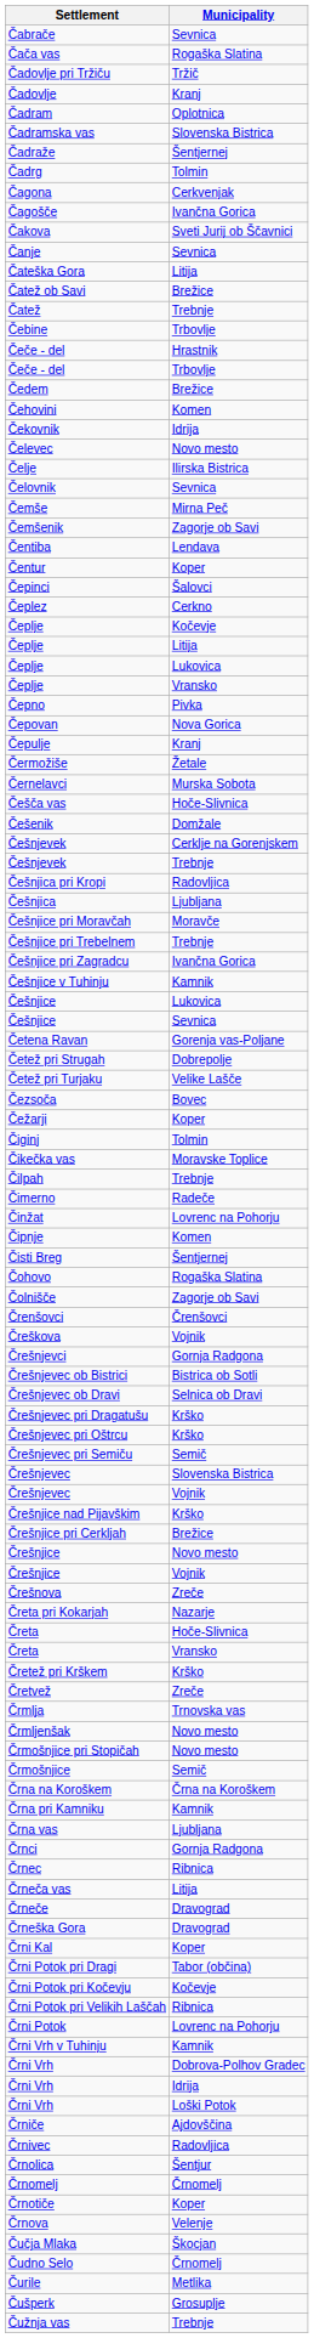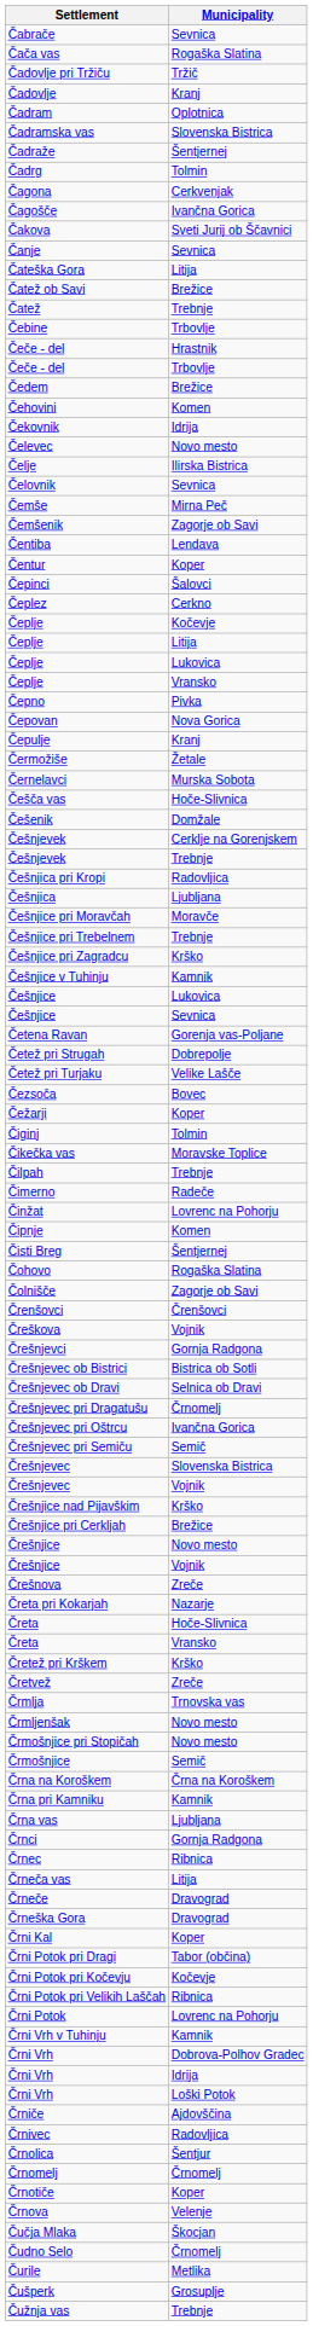 <table class="wikitable sortable">
 <tr>
 <th>Settlement</th>
 <th><a href='#'>Municipality</a></th>
 </tr>
 <tr>
 <td><a href='#'>Čabrače</a></td>
 <td><a href='#'>Sevnica</a></td>
 </tr>
 <tr>
 <td><a href='#'>Čača vas</a></td>
 <td><a href='#'>Rogaška Slatina</a></td>
 </tr>
 <tr>
 <td><a href='#'>Čadovlje pri Tržiču</a></td>
 <td><a href='#'>Tržič</a></td>
 </tr>
 <tr>
 <td><a href='#'>Čadovlje</a></td>
 <td><a href='#'>Kranj</a></td>
 </tr>
 <tr>
 <td><a href='#'>Čadram</a></td>
 <td><a href='#'>Oplotnica</a></td>
 </tr>
 <tr>
 <td><a href='#'>Čadramska vas</a></td>
 <td><a href='#'>Slovenska Bistrica</a></td>
 </tr>
 <tr>
 <td><a href='#'>Čadraže</a></td>
 <td><a href='#'>Šentjernej</a></td>
 </tr>
 <tr>
 <td><a href='#'>Čadrg</a></td>
 <td><a href='#'>Tolmin</a></td>
 </tr>
 <tr>
 <td><a href='#'>Čagona</a></td>
 <td><a href='#'>Cerkvenjak</a></td>
 </tr>
 <tr>
 <td><a href='#'>Čagošče</a></td>
 <td><a href='#'>Ivančna Gorica</a></td>
 </tr>
 <tr>
 <td><a href='#'>Čakova</a></td>
 <td><a href='#'>Sveti Jurij ob Ščavnici</a></td>
 </tr>
 <tr>
 <td><a href='#'>Čanje</a></td>
 <td><a href='#'>Sevnica</a></td>
 </tr>
 <tr>
 <td><a href='#'>Čateška Gora</a></td>
 <td><a href='#'>Litija</a></td>
 </tr>
 <tr>
 <td><a href='#'>Čatež ob Savi</a></td>
 <td><a href='#'>Brežice</a></td>
 </tr>
 <tr>
 <td><a href='#'>Čatež</a></td>
 <td><a href='#'>Trebnje</a></td>
 </tr>
 <tr>
 <td><a href='#'>Čebine</a></td>
 <td><a href='#'>Trbovlje</a></td>
 </tr>
 <tr>
 <td><a href='#'>Čeče - del</a></td>
 <td><a href='#'>Hrastnik</a></td>
 </tr>
 <tr>
 <td><a href='#'>Čeče - del</a></td>
 <td><a href='#'>Trbovlje</a></td>
 </tr>
 <tr>
 <td><a href='#'>Čedem</a></td>
 <td><a href='#'>Brežice</a></td>
 </tr>
 <tr>
 <td><a href='#'>Čehovini</a></td>
 <td><a href='#'>Komen</a></td>
 </tr>
 <tr>
 <td><a href='#'>Čekovnik</a></td>
 <td><a href='#'>Idrija</a></td>
 </tr>
 <tr>
 <td><a href='#'>Čelevec</a></td>
 <td><a href='#'>Novo mesto</a></td>
 </tr>
 <tr>
 <td><a href='#'>Čelje</a></td>
 <td><a href='#'>Ilirska Bistrica</a></td>
 </tr>
 <tr>
 <td><a href='#'>Čelovnik</a></td>
 <td><a href='#'>Sevnica</a></td>
 </tr>
 <tr>
 <td><a href='#'>Čemše</a></td>
 <td><a href='#'>Mirna Peč</a></td>
 </tr>
 <tr>
 <td><a href='#'>Čemšenik</a></td>
 <td><a href='#'>Zagorje ob Savi</a></td>
 </tr>
 <tr>
 <td><a href='#'>Čentiba</a></td>
 <td><a href='#'>Lendava</a></td>
 </tr>
 <tr>
 <td><a href='#'>Čentur</a></td>
 <td><a href='#'>Koper</a></td>
 </tr>
 <tr>
 <td><a href='#'>Čepinci</a></td>
 <td><a href='#'>Šalovci</a></td>
 </tr>
 <tr>
 <td><a href='#'>Čeplez</a></td>
 <td><a href='#'>Cerkno</a></td>
 </tr>
 <tr>
 <td><a href='#'>Čeplje</a></td>
 <td><a href='#'>Kočevje</a></td>
 </tr>
 <tr>
 <td><a href='#'>Čeplje</a></td>
 <td><a href='#'>Litija</a></td>
 </tr>
 <tr>
 <td><a href='#'>Čeplje</a></td>
 <td><a href='#'>Lukovica</a></td>
 </tr>
 <tr>
 <td><a href='#'>Čeplje</a></td>
 <td><a href='#'>Vransko</a></td>
 </tr>
 <tr>
 <td><a href='#'>Čepno</a></td>
 <td><a href='#'>Pivka</a></td>
 </tr>
 <tr>
 <td><a href='#'>Čepovan</a></td>
 <td><a href='#'>Nova Gorica</a></td>
 </tr>
 <tr>
 <td><a href='#'>Čepulje</a></td>
 <td><a href='#'>Kranj</a></td>
 </tr>
 <tr>
 <td><a href='#'>Čermožiše</a></td>
 <td><a href='#'>Žetale</a></td>
 </tr>
 <tr>
 <td><a href='#'>Černelavci</a></td>
 <td><a href='#'>Murska Sobota</a></td>
 </tr>
 <tr>
 <td><a href='#'>Češča vas</a></td>
 <td><a href='#'>Hoče-Slivnica</a></td>
 </tr>
 <tr>
 <td><a href='#'>Češenik</a></td>
 <td><a href='#'>Domžale</a></td>
 </tr>
 <tr>
 <td><a href='#'>Češnjevek</a></td>
 <td><a href='#'>Cerklje na Gorenjskem</a></td>
 </tr>
 <tr>
 <td><a href='#'>Češnjevek</a></td>
 <td><a href='#'>Trebnje</a></td>
 </tr>
 <tr>
 <td><a href='#'>Češnjica pri Kropi</a></td>
 <td><a href='#'>Radovljica</a></td>
 </tr>
 <tr>
 <td><a href='#'>Češnjica</a></td>
 <td><a href='#'>Ljubljana</a></td>
 </tr>
 <tr>
 <td><a href='#'>Češnjice pri Moravčah</a></td>
 <td><a href='#'>Moravče</a></td>
 </tr>
 <tr>
 <td><a href='#'>Češnjice pri Trebelnem</a></td>
 <td><a href='#'>Trebnje</a></td>
 </tr>
 <tr>
 <td><a href='#'>Češnjice pri Zagradcu</a></td>
-<td><a href='#'>Ivančna Gorica</a></td>
+<td><a href='#'>Krško</a></td>
 </tr>
 <tr>
 <td><a href='#'>Češnjice v Tuhinju</a></td>
 <td><a href='#'>Kamnik</a></td>
 </tr>
 <tr>
 <td><a href='#'>Češnjice</a></td>
 <td><a href='#'>Lukovica</a></td>
 </tr>
 <tr>
 <td><a href='#'>Češnjice</a></td>
 <td><a href='#'>Sevnica</a></td>
 </tr>
 <tr>
 <td><a href='#'>Četena Ravan</a></td>
 <td><a href='#'>Gorenja vas-Poljane</a></td>
 </tr>
 <tr>
 <td><a href='#'>Četež pri Strugah</a></td>
 <td><a href='#'>Dobrepolje</a></td>
 </tr>
 <tr>
 <td><a href='#'>Četež pri Turjaku</a></td>
 <td><a href='#'>Velike Lašče</a></td>
 </tr>
 <tr>
 <td><a href='#'>Čezsoča</a></td>
 <td><a href='#'>Bovec</a></td>
 </tr>
 <tr>
 <td><a href='#'>Čežarji</a></td>
 <td><a href='#'>Koper</a></td>
 </tr>
 <tr>
 <td><a href='#'>Čiginj</a></td>
 <td><a href='#'>Tolmin</a></td>
 </tr>
 <tr>
 <td><a href='#'>Čikečka vas</a></td>
 <td><a href='#'>Moravske Toplice</a></td>
 </tr>
 <tr>
 <td><a href='#'>Čilpah</a></td>
 <td><a href='#'>Trebnje</a></td>
 </tr>
 <tr>
 <td><a href='#'>Čimerno</a></td>
 <td><a href='#'>Radeče</a></td>
 </tr>
 <tr>
 <td><a href='#'>Činžat</a></td>
 <td><a href='#'>Lovrenc na Pohorju</a></td>
 </tr>
 <tr>
 <td><a href='#'>Čipnje</a></td>
 <td><a href='#'>Komen</a></td>
 </tr>
 <tr>
 <td><a href='#'>Čisti Breg</a></td>
 <td><a href='#'>Šentjernej</a></td>
 </tr>
 <tr>
 <td><a href='#'>Čohovo</a></td>
 <td><a href='#'>Rogaška Slatina</a></td>
 </tr>
 <tr>
 <td><a href='#'>Čolnišče</a></td>
 <td><a href='#'>Zagorje ob Savi</a></td>
 </tr>
 <tr>
 <td><a href='#'>Črenšovci</a></td>
 <td><a href='#'>Črenšovci</a></td>
 </tr>
 <tr>
 <td><a href='#'>Čreškova</a></td>
 <td><a href='#'>Vojnik</a></td>
 </tr>
 <tr>
 <td><a href='#'>Črešnjevci</a></td>
 <td><a href='#'>Gornja Radgona</a></td>
 </tr>
 <tr>
 <td><a href='#'>Črešnjevec ob Bistrici</a></td>
 <td><a href='#'>Bistrica ob Sotli</a></td>
 </tr>
 <tr>
 <td><a href='#'>Črešnjevec ob Dravi</a></td>
 <td><a href='#'>Selnica ob Dravi</a></td>
 </tr>
 <tr>
 <td><a href='#'>Črešnjevec pri Dragatušu</a></td>
-<td><a href='#'>Krško</a></td>
+<td><a href='#'>Črnomelj</a></td>
 </tr>
 <tr>
 <td><a href='#'>Črešnjevec pri Oštrcu</a></td>
-<td><a href='#'>Krško</a></td>
+<td><a href='#'>Ivančna Gorica</a></td>
 </tr>
 <tr>
 <td><a href='#'>Črešnjevec pri Semiču</a></td>
 <td><a href='#'>Semič</a></td>
 </tr>
 <tr>
 <td><a href='#'>Črešnjevec</a></td>
 <td><a href='#'>Slovenska Bistrica</a></td>
 </tr>
 <tr>
 <td><a href='#'>Črešnjevec</a></td>
 <td><a href='#'>Vojnik</a></td>
 </tr>
 <tr>
 <td><a href='#'>Črešnjice nad Pijavškim</a></td>
 <td><a href='#'>Krško</a></td>
 </tr>
 <tr>
 <td><a href='#'>Črešnjice pri Cerkljah</a></td>
 <td><a href='#'>Brežice</a></td>
 </tr>
 <tr>
 <td><a href='#'>Črešnjice</a></td>
 <td><a href='#'>Novo mesto</a></td>
 </tr>
 <tr>
 <td><a href='#'>Črešnjice</a></td>
 <td><a href='#'>Vojnik</a></td>
 </tr>
 <tr>
 <td><a href='#'>Črešnova</a></td>
 <td><a href='#'>Zreče</a></td>
 </tr>
 <tr>
 <td><a href='#'>Čreta pri Kokarjah</a></td>
 <td><a href='#'>Nazarje</a></td>
 </tr>
 <tr>
 <td><a href='#'>Čreta</a></td>
 <td><a href='#'>Hoče-Slivnica</a></td>
 </tr>
 <tr>
 <td><a href='#'>Čreta</a></td>
 <td><a href='#'>Vransko</a></td>
 </tr>
 <tr>
 <td><a href='#'>Čretež pri Krškem</a></td>
 <td><a href='#'>Krško</a></td>
 </tr>
 <tr>
 <td><a href='#'>Čretvež</a></td>
 <td><a href='#'>Zreče</a></td>
 </tr>
 <tr>
 <td><a href='#'>Črmlja</a></td>
 <td><a href='#'>Trnovska vas</a></td>
 </tr>
 <tr>
 <td><a href='#'>Črmljenšak</a></td>
 <td><a href='#'>Novo mesto</a></td>
 </tr>
 <tr>
 <td><a href='#'>Črmošnjice pri Stopičah</a></td>
 <td><a href='#'>Novo mesto</a></td>
 </tr>
 <tr>
 <td><a href='#'>Črmošnjice</a></td>
 <td><a href='#'>Semič</a></td>
 </tr>
 <tr>
 <td><a href='#'>Črna na Koroškem</a></td>
 <td><a href='#'>Črna na Koroškem</a></td>
 </tr>
 <tr>
 <td><a href='#'>Črna pri Kamniku</a></td>
 <td><a href='#'>Kamnik</a></td>
 </tr>
 <tr>
 <td><a href='#'>Črna vas</a></td>
 <td><a href='#'>Ljubljana</a></td>
 </tr>
 <tr>
 <td><a href='#'>Črnci</a></td>
 <td><a href='#'>Gornja Radgona</a></td>
 </tr>
 <tr>
 <td><a href='#'>Črnec</a></td>
 <td><a href='#'>Ribnica</a></td>
 </tr>
 <tr>
 <td><a href='#'>Črneča vas</a></td>
 <td><a href='#'>Litija</a></td>
 </tr>
 <tr>
 <td><a href='#'>Črneče</a></td>
 <td><a href='#'>Dravograd</a></td>
 </tr>
 <tr>
 <td><a href='#'>Črneška Gora</a></td>
 <td><a href='#'>Dravograd</a></td>
 </tr>
 <tr>
 <td><a href='#'>Črni Kal</a></td>
 <td><a href='#'>Koper</a></td>
 </tr>
 <tr>
 <td><a href='#'>Črni Potok pri Dragi</a></td>
 <td><a href='#'>Tabor (občina)</a></td>
 </tr>
 <tr>
 <td><a href='#'>Črni Potok pri Kočevju</a></td>
 <td><a href='#'>Kočevje</a></td>
 </tr>
 <tr>
 <td><a href='#'>Črni Potok pri Velikih Laščah</a></td>
 <td><a href='#'>Ribnica</a></td>
 </tr>
 <tr>
 <td><a href='#'>Črni Potok</a></td>
 <td><a href='#'>Lovrenc na Pohorju</a></td>
 </tr>
 <tr>
 <td><a href='#'>Črni Vrh v Tuhinju</a></td>
 <td><a href='#'>Kamnik</a></td>
 </tr>
 <tr>
 <td><a href='#'>Črni Vrh</a></td>
 <td><a href='#'>Dobrova-Polhov Gradec</a></td>
 </tr>
 <tr>
 <td><a href='#'>Črni Vrh</a></td>
 <td><a href='#'>Idrija</a></td>
 </tr>
 <tr>
 <td><a href='#'>Črni Vrh</a></td>
 <td><a href='#'>Loški Potok</a></td>
 </tr>
 <tr>
 <td><a href='#'>Črniče</a></td>
 <td><a href='#'>Ajdovščina</a></td>
 </tr>
 <tr>
 <td><a href='#'>Črnivec</a></td>
 <td><a href='#'>Radovljica</a></td>
 </tr>
 <tr>
 <td><a href='#'>Črnolica</a></td>
 <td><a href='#'>Šentjur</a></td>
 </tr>
 <tr>
 <td><a href='#'>Črnomelj</a></td>
 <td><a href='#'>Črnomelj</a></td>
 </tr>
 <tr>
 <td><a href='#'>Črnotiče</a></td>
 <td><a href='#'>Koper</a></td>
 </tr>
 <tr>
 <td><a href='#'>Črnova</a></td>
 <td><a href='#'>Velenje</a></td>
 </tr>
 <tr>
 <td><a href='#'>Čučja Mlaka</a></td>
 <td><a href='#'>Škocjan</a></td>
 </tr>
 <tr>
 <td><a href='#'>Čudno Selo</a></td>
 <td><a href='#'>Črnomelj</a></td>
 </tr>
 <tr>
 <td><a href='#'>Čurile</a></td>
 <td><a href='#'>Metlika</a></td>
 </tr>
 <tr>
 <td><a href='#'>Čušperk</a></td>
 <td><a href='#'>Grosuplje</a></td>
 </tr>
 <tr>
 <td><a href='#'>Čužnja vas</a></td>
 <td><a href='#'>Trebnje</a></td>
 </tr>
 </table>
